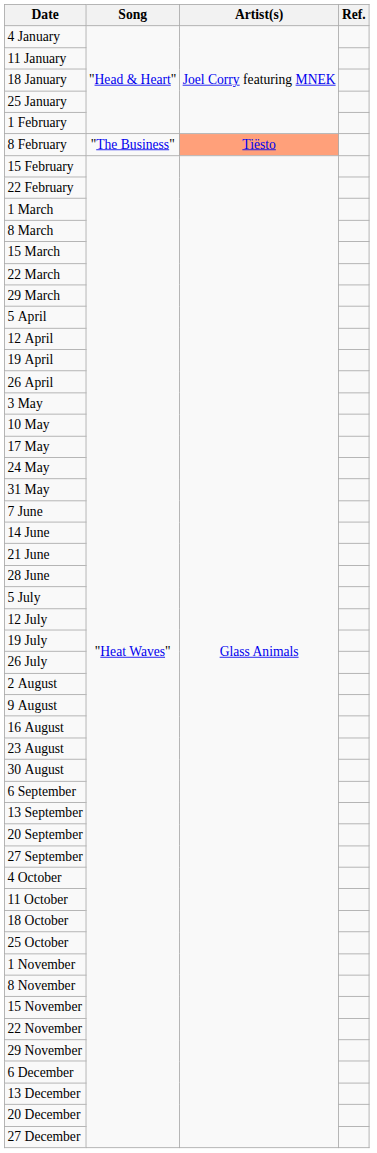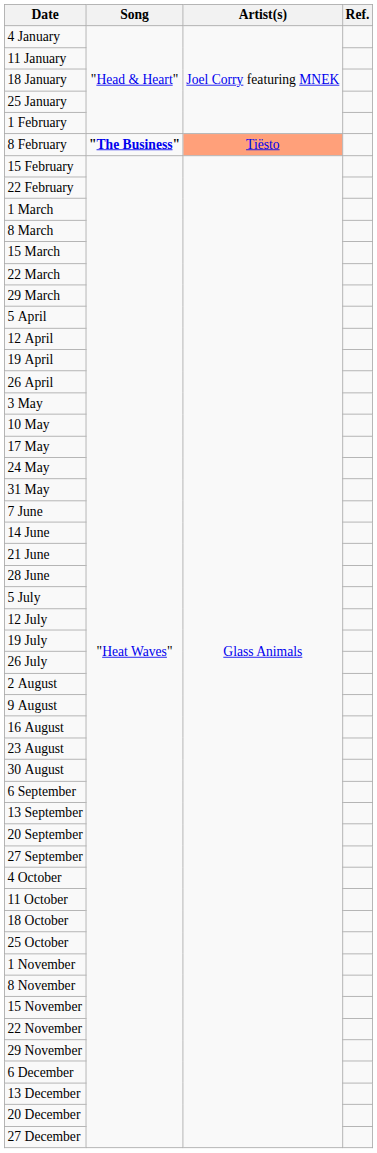 <table class="wikitable">
 <tr>
 <th style="text-align: center;">Date</th>
 <th style="text-align: center;">Song</th>
 <th style="text-align: center;">Artist(s)</th>
 <th style="text-align: center;">Ref.</th>
 </tr>
 <tr>
 <td>4 January</td>
 <td style="text-align: center;" rowspan="5">"<a href='#'>Head & Heart</a>"</td>
 <td style="text-align: center;" rowspan="5"><a href='#'>Joel Corry</a> featuring <a href='#'>MNEK</a></td>
 <td style="text-align: center;"></td>
 </tr>
 <tr>
 <td>11 January</td>
 <td style="text-align: center;"></td>
 </tr>
 <tr>
 <td>18 January</td>
 <td style="text-align: center;"></td>
 </tr>
 <tr>
 <td>25 January</td>
 <td style="text-align: center;"></td>
 </tr>
 <tr>
 <td>1 February</td>
 <td style="text-align: center;"></td>
 </tr>
 <tr>
 <td>8 February</td>
-<td style="text-align: center;">"<a href='#'>The Business</a>"</td>
+<td style="text-align: center;"><strong>"<a href='#'>The Business</a>"</strong></td>
 <td style="background: lightsalmon; text-align: center;"><a href='#'>Tiësto</a></td>
 <td style="text-align: center;"></td>
 </tr>
 <tr>
 <td>15 February</td>
 <td style="text-align: center;" rowspan="46">"<a href='#'>Heat Waves</a>"</td>
 <td style="text-align: center;" rowspan="46"><a href='#'>Glass Animals</a></td>
 <td style="text-align: center;"></td>
 </tr>
 <tr>
 <td>22 February</td>
 <td style="text-align: center;"></td>
 </tr>
 <tr>
 <td>1 March</td>
 <td style="text-align: center;"></td>
 </tr>
 <tr>
 <td>8 March</td>
 <td style="text-align: center;"></td>
 </tr>
 <tr>
 <td>15 March</td>
 <td style="text-align: center;"></td>
 </tr>
 <tr>
 <td>22 March</td>
 <td style="text-align: center;"></td>
 </tr>
 <tr>
 <td>29 March</td>
 <td style="text-align: center;"></td>
 </tr>
 <tr>
 <td>5 April</td>
 <td style="text-align: center;"></td>
 </tr>
 <tr>
 <td>12 April</td>
 <td style="text-align: center;"></td>
 </tr>
 <tr>
 <td>19 April</td>
 <td style="text-align: center;"></td>
 </tr>
 <tr>
 <td>26 April</td>
 <td style="text-align: center;"></td>
 </tr>
 <tr>
 <td>3 May</td>
 <td style="text-align: center;"></td>
 </tr>
 <tr>
 <td>10 May</td>
 <td style="text-align: center;"></td>
 </tr>
 <tr>
 <td>17 May</td>
 <td style="text-align: center;"></td>
 </tr>
 <tr>
 <td>24 May</td>
 <td style="text-align: center;"></td>
 </tr>
 <tr>
 <td>31 May</td>
 <td style="text-align: center;"></td>
 </tr>
 <tr>
 <td>7 June</td>
 <td style="text-align: center;"></td>
 </tr>
 <tr>
 <td>14 June</td>
 <td style="text-align: center;"></td>
 </tr>
 <tr>
 <td>21 June</td>
 <td style="text-align: center;"></td>
 </tr>
 <tr>
 <td>28 June</td>
 <td style="text-align: center;"></td>
 </tr>
 <tr>
 <td>5 July</td>
 <td style="text-align: center;"></td>
 </tr>
 <tr>
 <td>12 July</td>
 <td style="text-align: center;"></td>
 </tr>
 <tr>
 <td>19 July</td>
 <td style="text-align: center;"></td>
 </tr>
 <tr>
 <td>26 July</td>
 <td style="text-align: center;"></td>
 </tr>
 <tr>
 <td>2 August</td>
 <td style="text-align: center;"></td>
 </tr>
 <tr>
 <td>9 August</td>
 <td style="text-align: center;"></td>
 </tr>
 <tr>
 <td>16 August</td>
 <td style="text-align: center;"></td>
 </tr>
 <tr>
 <td>23 August</td>
 <td style="text-align: center;"></td>
 </tr>
 <tr>
 <td>30 August</td>
 <td style="text-align: center;"></td>
 </tr>
 <tr>
 <td>6 September</td>
 <td style="text-align: center;"></td>
 </tr>
 <tr>
 <td>13 September</td>
 <td style="text-align: center;"></td>
 </tr>
 <tr>
 <td>20 September</td>
 <td style="text-align: center;"></td>
 </tr>
 <tr>
 <td>27 September</td>
 <td style="text-align: center;"></td>
 </tr>
 <tr>
 <td>4 October</td>
 <td style="text-align: center;"></td>
 </tr>
 <tr>
 <td>11 October</td>
 <td style="text-align: center;"></td>
 </tr>
 <tr>
 <td>18 October</td>
 <td style="text-align: center;"></td>
 </tr>
 <tr>
 <td>25 October</td>
 <td style="text-align: center;"></td>
 </tr>
 <tr>
 <td>1 November</td>
 <td style="text-align: center;"></td>
 </tr>
 <tr>
 <td>8 November</td>
 <td style="text-align: center;"></td>
 </tr>
 <tr>
 <td>15 November</td>
 <td style="text-align: center;"></td>
 </tr>
 <tr>
 <td>22 November</td>
 <td style="text-align: center;"></td>
 </tr>
 <tr>
 <td>29 November</td>
 <td style="text-align: center;"></td>
 </tr>
 <tr>
 <td>6 December</td>
 <td style="text-align: center;"></td>
 </tr>
 <tr>
 <td>13 December</td>
 <td style="text-align: center;"></td>
 </tr>
 <tr>
 <td>20 December</td>
 <td style="text-align: center;"></td>
 </tr>
 <tr>
 <td>27 December</td>
 <td style="text-align: center;"></td>
 </tr>
 </table>
